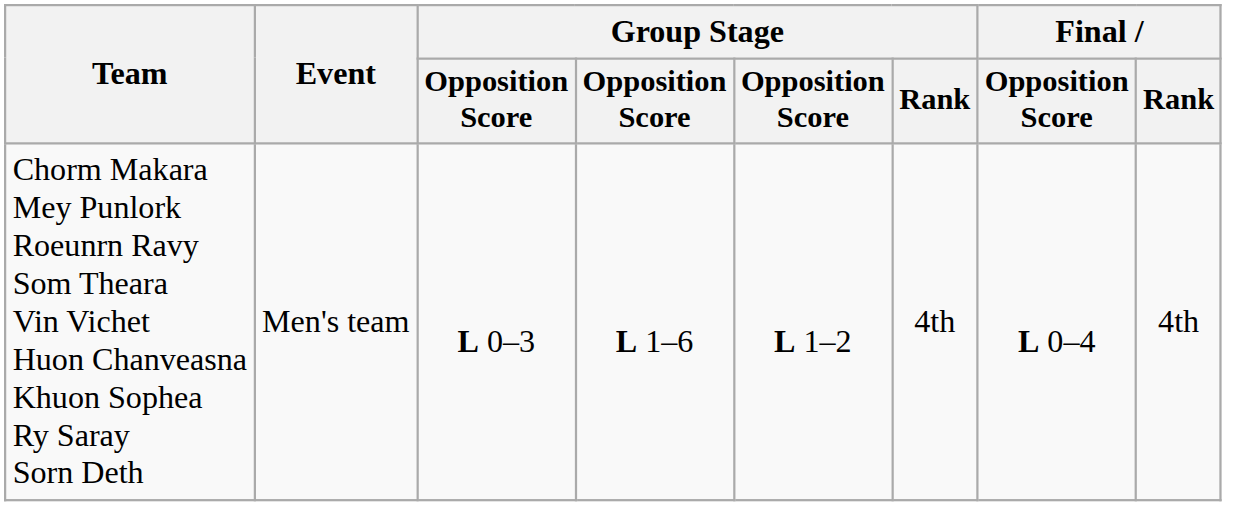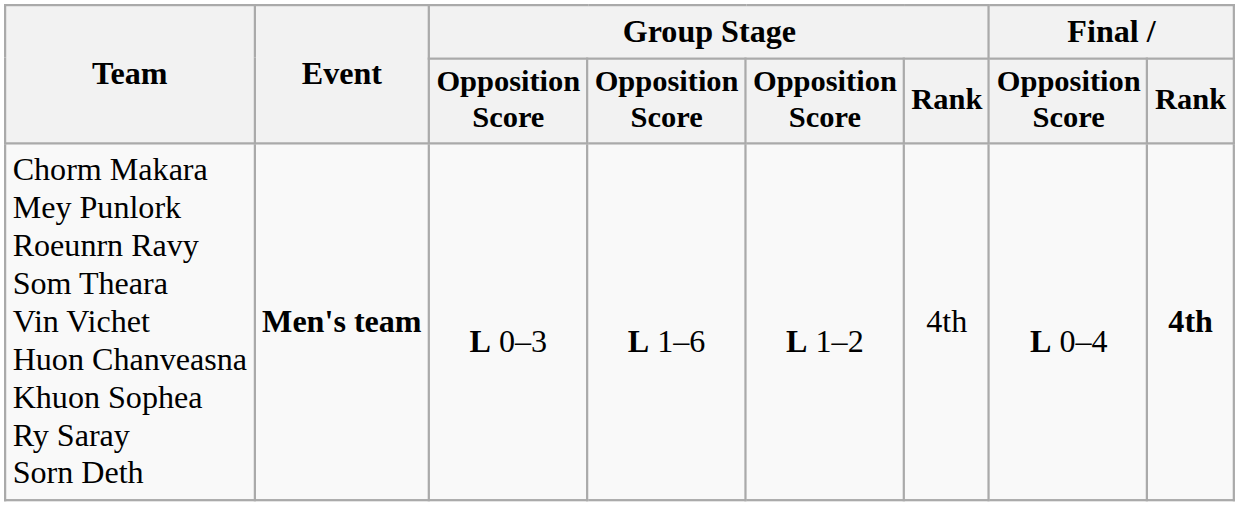 <table class="wikitable" style="font-size:90%">
 <tr>
 <th rowspan=2>Team</th>
 <th rowspan=2>Event</th>
 <th colspan=4>Group Stage</th>
 <th colspan=2>Final / </th>
 </tr>
 <tr style="font-size:95%">
 <th>Opposition<br>Score</th>
 <th>Opposition<br>Score</th>
 <th>Opposition<br>Score</th>
 <th>Rank</th>
 <th>Opposition<br>Score</th>
 <th>Rank</th>
 </tr>
 <tr style="text-align:center">
 <td style="text-align:left">Chorm Makara<br>Mey Punlork<br>Roeunrn Ravy<br>Som Theara<br>Vin Vichet<br>Huon Chanveasna<br>Khuon Sophea<br>Ry Saray<br>Sorn Deth</td>
-<td style="text-align:left">Men's team</td>
+<td style="text-align:left"><strong>Men's team</strong></td>
 <td><br><strong>L</strong> 0–3</td>
 <td><br><strong>L</strong> 1–6</td>
 <td><br><strong>L</strong> 1–2</td>
 <td>4th</td>
 <td><br><strong>L</strong> 0–4</td>
-<td>4th</td>
+<td><strong>4th</strong></td>
 </tr>
 </table>
